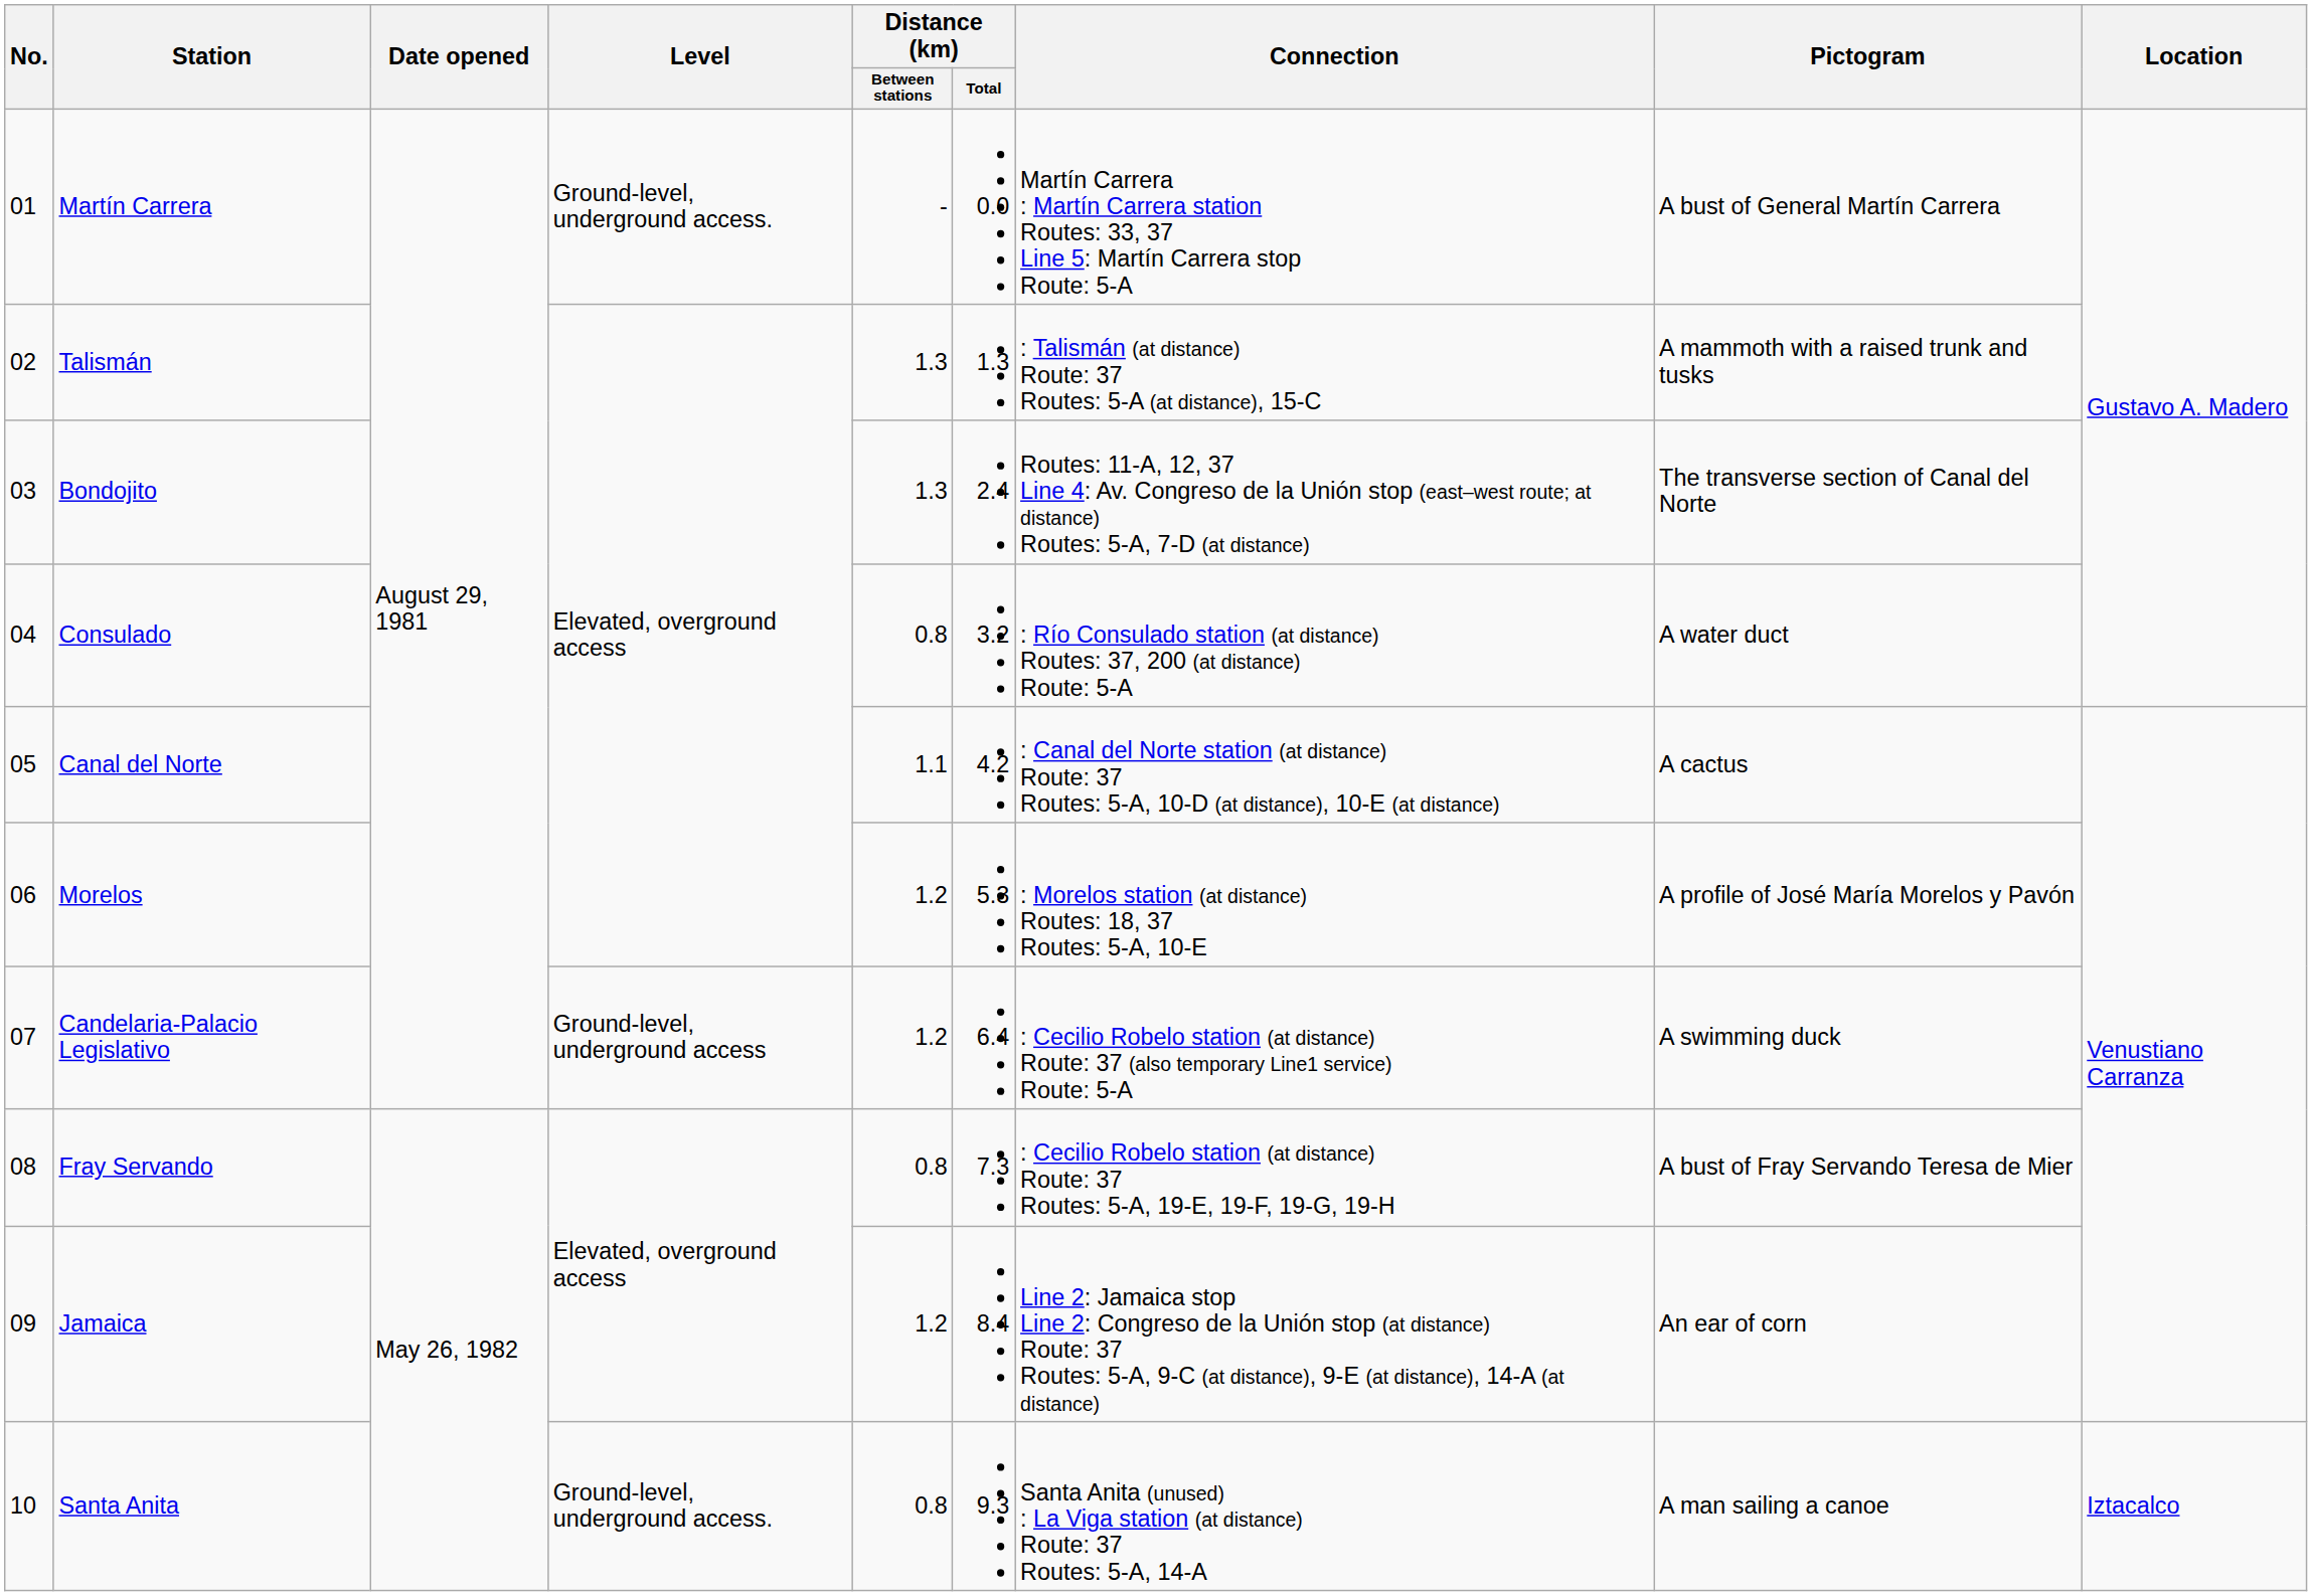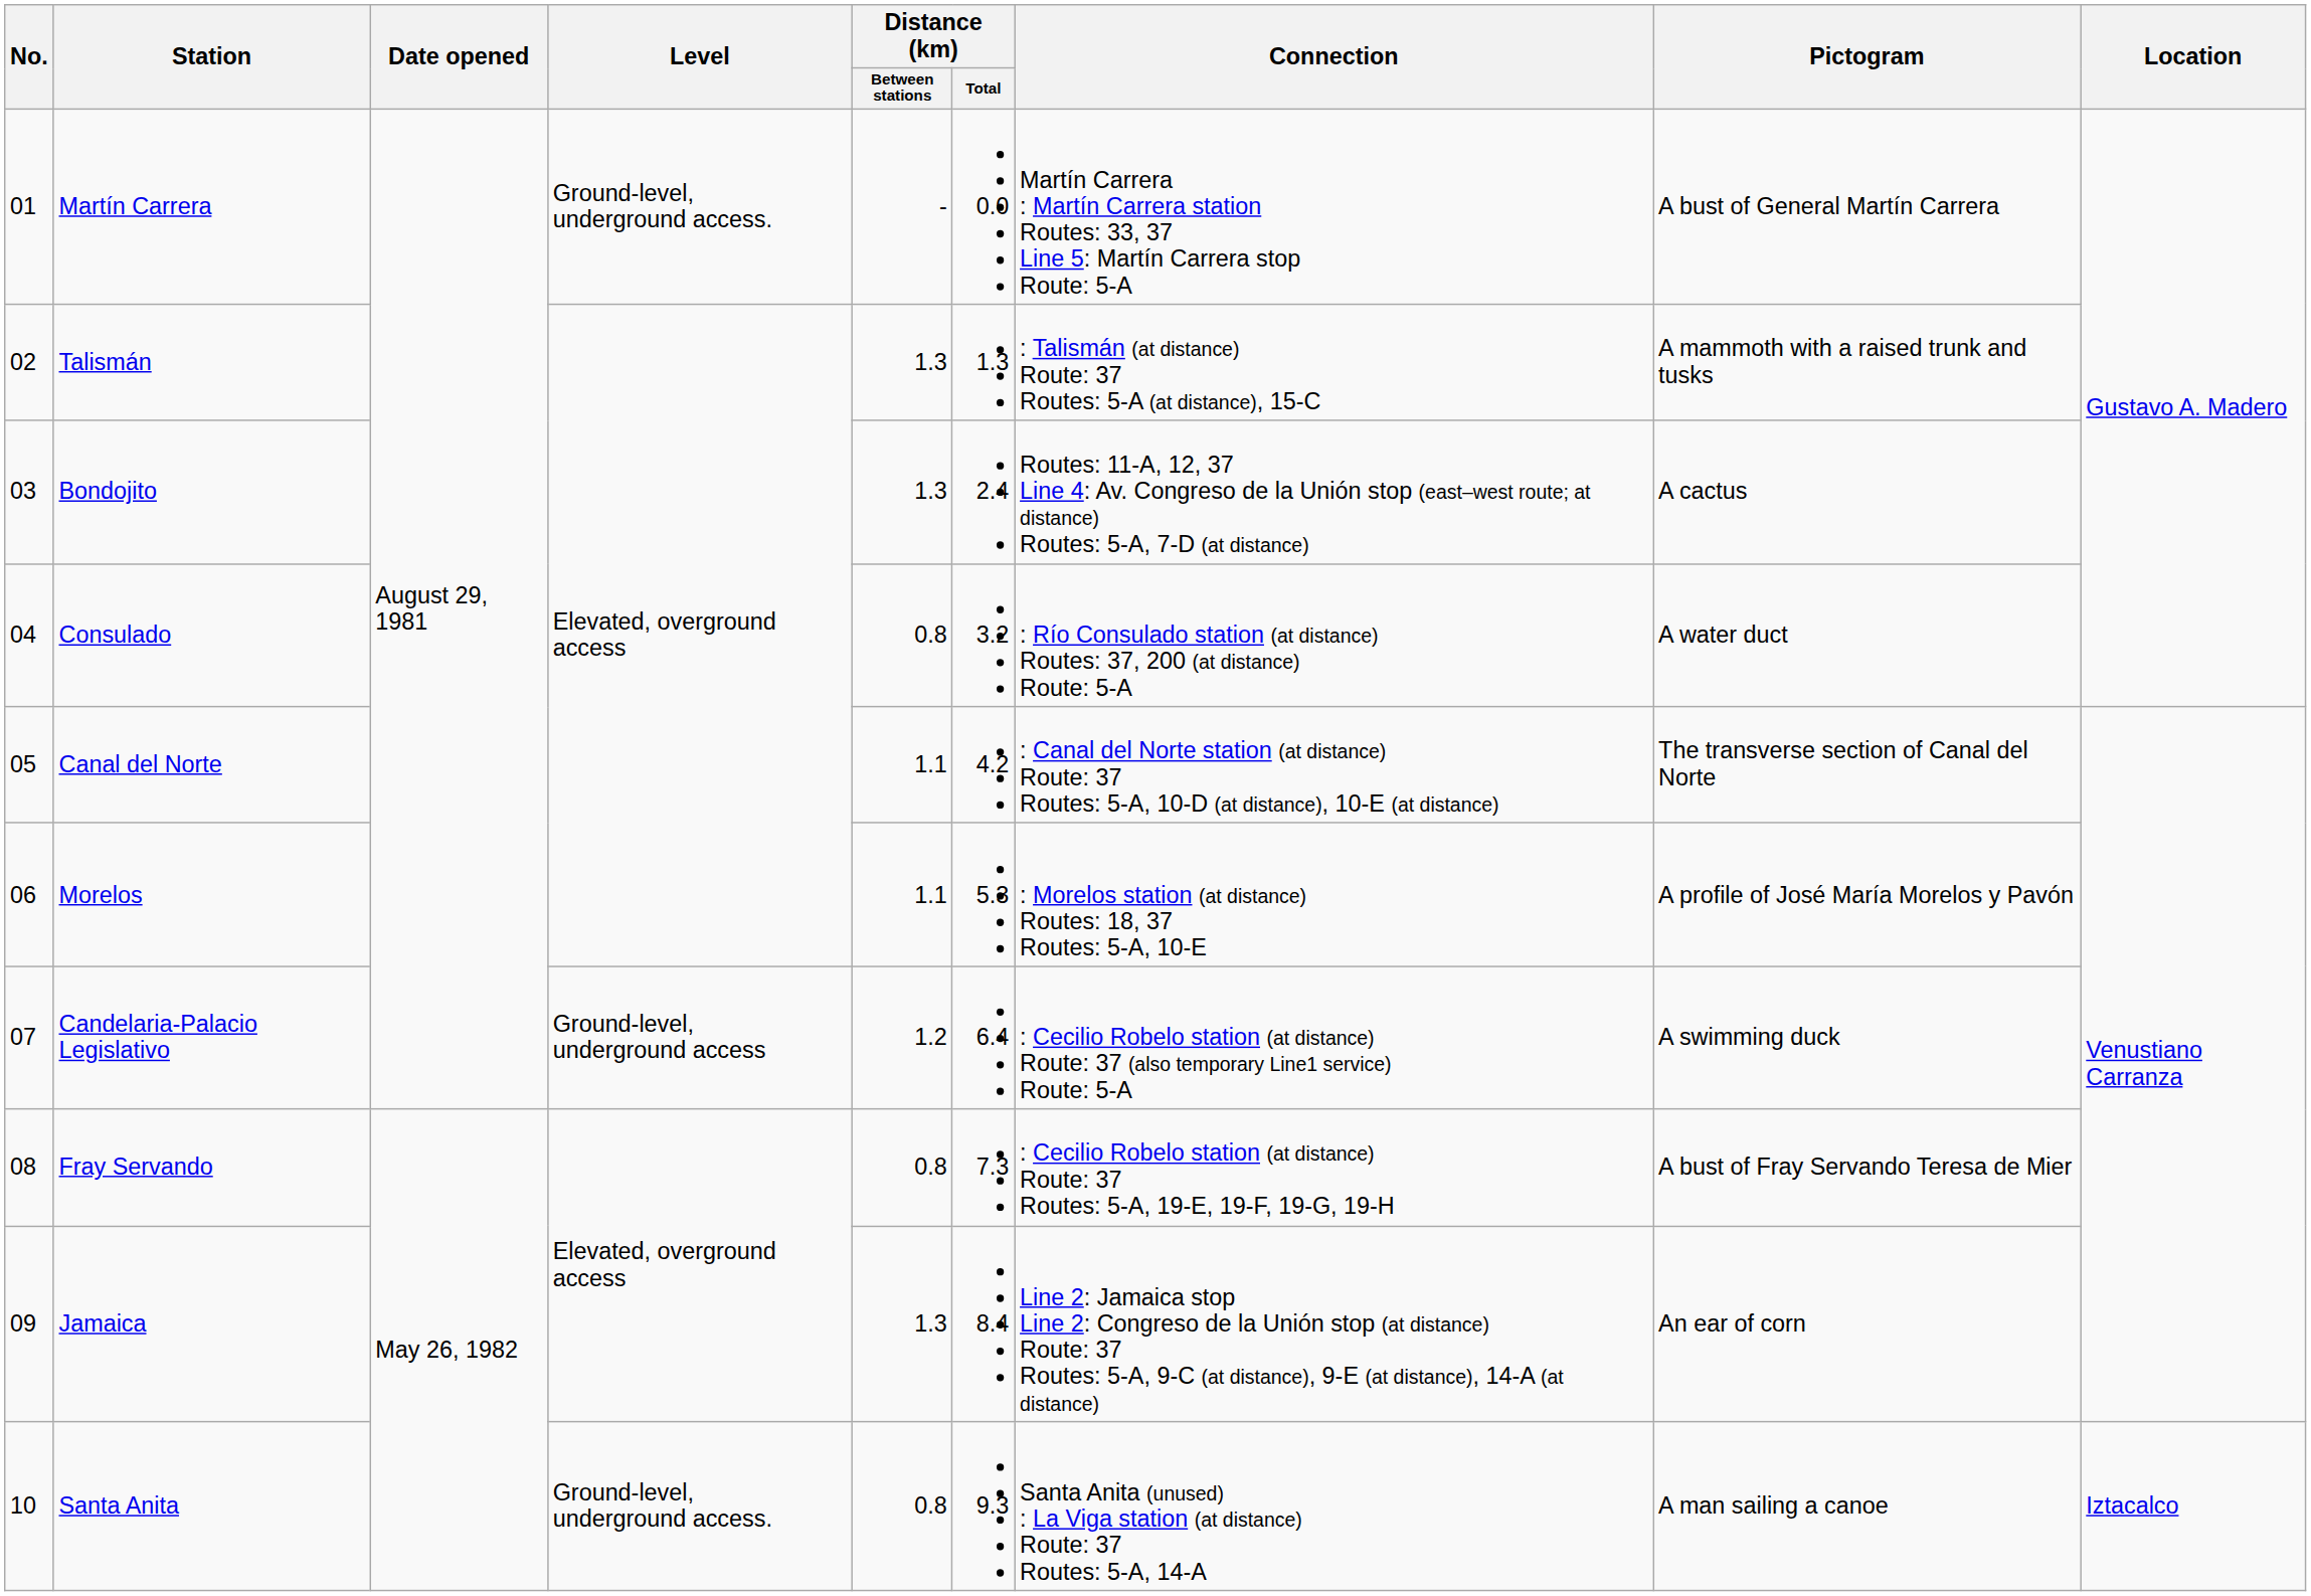 <table class="wikitable" rules="all">
 <tr>
 <th rowspan="2">No.</th>
 <th rowspan="2">Station</th>
 <th rowspan="2">Date opened</th>
 <th rowspan="2">Level</th>
 <th colspan="2">Distance (km)</th>
 <th rowspan="2">Connection</th>
 <th rowspan="2">Pictogram</th>
 <th rowspan="2">Location</th>
 </tr>
 <tr>
 <th style="font-size: 65%;">Between<br>stations</th>
 <th style="font-size: 65%;">Total</th>
 </tr>
 <tr>
 <td style="background: #">01</td>
 <td><a href='#'>Martín Carrera</a></td>
 <td rowspan="7">August 29, 1981</td>
 <td>Ground-level, <br>underground access.</td>
 <td style="text-align:right;">-</td>
 <td style="text-align:right;">0.0</td>
 <td><br><li> </li> <li> Martín Carrera</li> <li> : <a href='#'>Martín Carrera station</a></li> <li> Routes: 33, 37</li> <li>  <a href='#'>Line 5</a>: Martín Carrera stop</li> <li> Route: 5-A</td>
 <td>A bust of General Martín Carrera</td>
 <td rowspan="4"><a href='#'>Gustavo A. Madero</a></td>
 </tr>
 <tr>
 <td style="background: #">02</td>
 <td><a href='#'>Talismán</a></td>
 <td rowspan="5">Elevated, overground access</td>
 <td style="text-align:right;">1.3</td>
 <td style="text-align:right;">1.3</td>
 <td><br><li> : <a href='#'>Talismán</a> <small>(at distance)</small></li> <li> Route: 37<br><li> Routes: 5-A <small>(at distance)</small>, 15-C</td>
 <td>A mammoth with a raised trunk and tusks</td>
 </tr>
 <tr>
 <td style="background: #">03</td>
 <td><a href='#'>Bondojito</a></td>
 <td style="text-align:right;">1.3</td>
 <td style="text-align:right;">2.4</td>
 <td><br><li> Routes: 11-A, 12, 37</li> <li>  <a href='#'>Line 4</a>: Av. Congreso de la Unión stop <small>(east–west route; at distance)</small></li> <li> Routes: 5-A, 7-D <small>(at distance)</small></td>
-<td>The transverse section of Canal del Norte</td>
+<td>A cactus</td>
 </tr>
 <tr>
 <td style="background: #">04</td>
 <td><a href='#'>Consulado</a></td>
 <td style="text-align:right;">0.8</td>
 <td style="text-align:right;">3.2</td>
 <td><br><li> </li> <li> : <a href='#'>Río Consulado station</a> <small>(at distance)</small></li> <li> Routes: 37, 200 <small>(at distance)</small></li> <li> Route: 5-A</td>
 <td>A water duct</td>
 </tr>
 <tr>
 <td style="background: #">05</td>
 <td><a href='#'>Canal del Norte</a></td>
 <td style="text-align:right;">1.1</td>
 <td style="text-align:right;">4.2</td>
 <td><br><li> : <a href='#'>Canal del Norte station</a> <small>(at distance)</small></li> <li> Route: 37<li> Routes: 5-A, 10-D <small>(at distance)</small>, 10-E <small>(at distance)</small></td>
-<td>A cactus</td>
+<td>The transverse section of Canal del Norte</td>
 <td rowspan="5"><a href='#'>Venustiano Carranza</a></td>
 </tr>
 <tr>
 <td style="background: #">06</td>
 <td><a href='#'>Morelos</a> </td>
-<td style="text-align:right;">1.2</td>
+<td style="text-align:right;">1.1</td>
 <td style="text-align:right;">5.3</td>
 <td><br><li> </li> <li> : <a href='#'>Morelos station</a> <small>(at distance)</small></li> <li> Routes: 18, 37</li> <li> Routes: 5-A, 10-E</td>
 <td>A profile of José María Morelos y Pavón</td>
 </tr>
 <tr>
 <td style="background: #">07</td>
 <td><a href='#'>Candelaria-Palacio Legislativo</a></td>
 <td>Ground-level, <br>underground access</td>
 <td style="text-align:right;">1.2</td>
 <td style="text-align:right;">6.4</td>
 <td><br><li> </li> <li> : <a href='#'>Cecilio Robelo station</a> <small>(at distance)</small></li> <li> Route: 37 <small>(also temporary Line1 service)</small></li> <li> Route: 5-A</td>
 <td>A swimming duck</td>
 </tr>
 <tr>
 <td style="background: #">08</td>
 <td><a href='#'>Fray Servando</a></td>
 <td rowspan="3">May 26, 1982</td>
 <td rowspan="2">Elevated, overground access</td>
 <td style="text-align:right;">0.8</td>
 <td style="text-align:right;">7.3</td>
 <td><br><li> : <a href='#'>Cecilio Robelo station</a> <small>(at distance)</small></li> <li> Route: 37<br><li> Routes: 5-A, 19-E, 19-F, 19-G, 19-H</td>
 <td>A bust of Fray Servando Teresa de Mier</td>
 </tr>
 <tr>
 <td style="background: #">09</td>
 <td><a href='#'>Jamaica</a> </td>
-<td style="text-align:right;">1.2</td>
+<td style="text-align:right;">1.3</td>
 <td style="text-align:right;">8.4</td>
 <td><br><li> </li> <li>  <a href='#'>Line 2</a>: Jamaica stop</li> <li>  <a href='#'>Line 2</a>: Congreso de la Unión stop <small>(at distance)</small></li> <li> Route: 37<br><li> Routes: 5-A, 9-C <small>(at distance)</small>, 9-E <small>(at distance)</small>, 14-A <small>(at distance)</small></td>
 <td>An ear of corn</td>
 </tr>
 <tr>
 <td style="background: #">10</td>
 <td><a href='#'>Santa Anita</a></td>
 <td>Ground-level, <br>underground access.</td>
 <td style="text-align:right;">0.8</td>
 <td style="text-align:right;">9.3</td>
 <td><br><li> </li> <li> Santa Anita <small>(unused)</small></li> <li>: <a href='#'>La Viga station</a> <small>(at distance)</small></li> <li> Route: 37<br><li> Routes: 5-A, 14-A</td>
 <td>A man sailing a canoe</td>
 <td><a href='#'>Iztacalco</a></td>
 </tr>
 </table>
